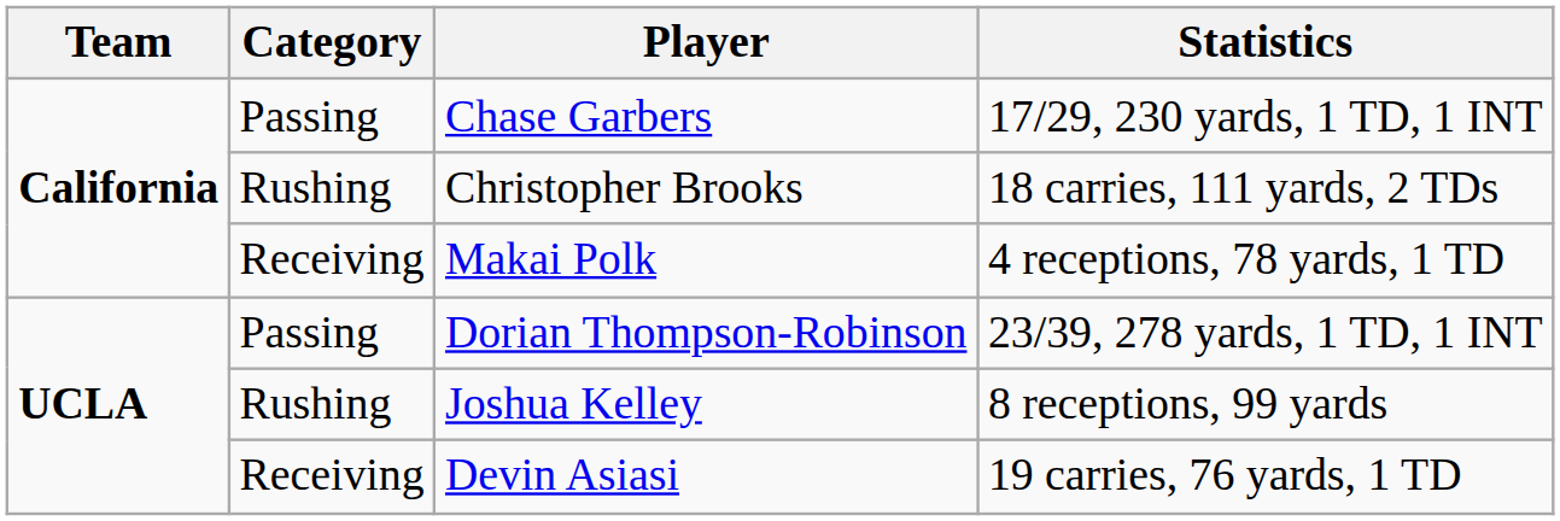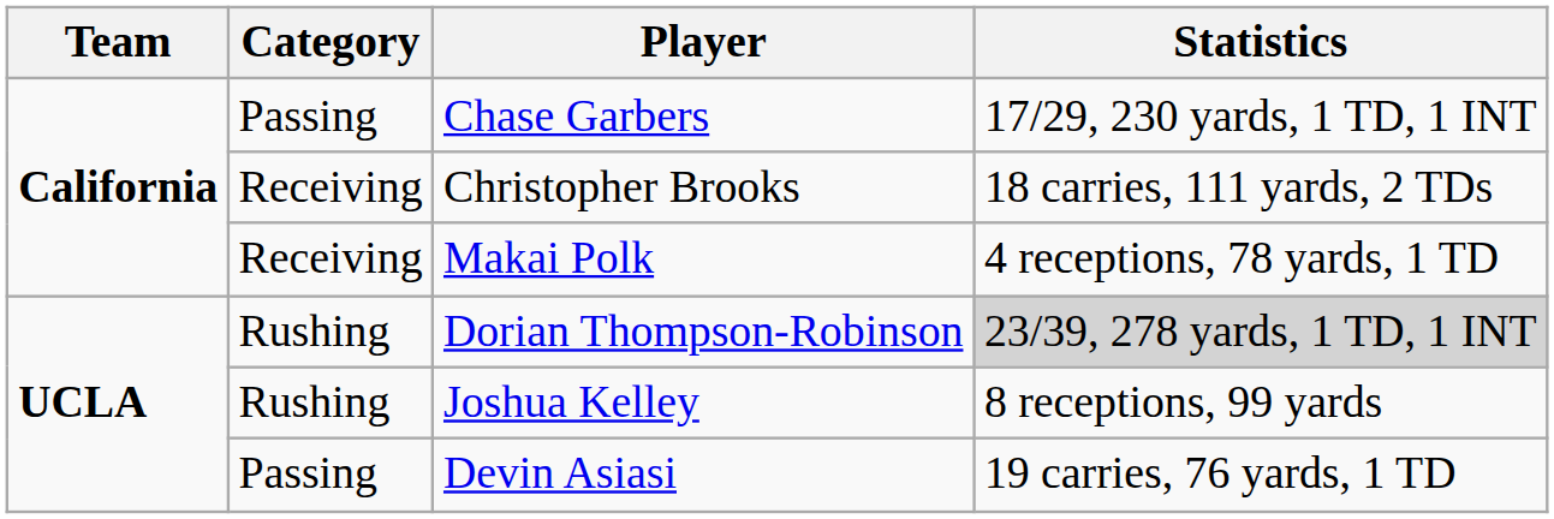 <table class="wikitable" style="float: right;">
 <tr>
 <th>Team</th>
 <th>Category</th>
 <th>Player</th>
 <th>Statistics</th>
 </tr>
 <tr>
 <td rowspan=3><strong>California</strong></td>
 <td>Passing</td>
 <td><a href='#'>Chase Garbers</a></td>
 <td>17/29, 230 yards, 1 TD, 1 INT</td>
 </tr>
 <tr>
-<td>Rushing</td>
+<td>Receiving</td>
 <td>Christopher Brooks</td>
 <td>18 carries, 111 yards, 2 TDs</td>
 </tr>
 <tr>
 <td>Receiving</td>
 <td><a href='#'>Makai Polk</a></td>
 <td>4 receptions, 78 yards, 1 TD</td>
 </tr>
 <tr>
 <td rowspan=3><strong>UCLA</strong></td>
-<td>Passing</td>
+<td>Rushing</td>
 <td><a href='#'>Dorian Thompson-Robinson</a></td>
-<td>23/39, 278 yards, 1 TD, 1 INT</td>
+<td style="background: lightgrey;">23/39, 278 yards, 1 TD, 1 INT</td>
 </tr>
 <tr>
 <td>Rushing</td>
 <td><a href='#'>Joshua Kelley</a></td>
 <td>8 receptions, 99 yards</td>
 </tr>
 <tr>
-<td>Receiving</td>
+<td>Passing</td>
 <td><a href='#'>Devin Asiasi</a></td>
 <td>19 carries, 76 yards, 1 TD</td>
 </tr>
 </table>
